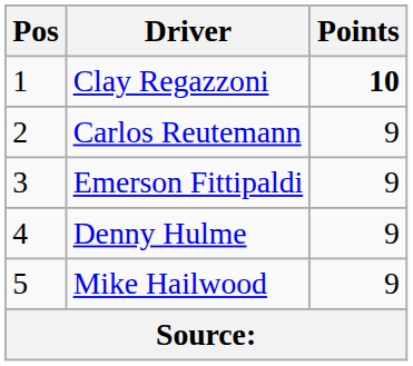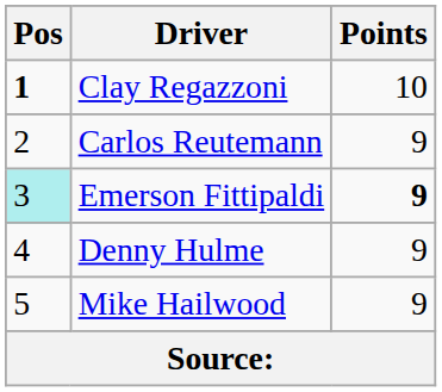 <table class="wikitable" style="font-size: 95%;">
 <tr>
 <th>Pos</th>
 <th>Driver</th>
 <th>Points</th>
 </tr>
 <tr>
-<td>1</td>
+<td><strong>1</strong></td>
 <td> <a href='#'>Clay Regazzoni</a></td>
-<td align="right"><strong>10</strong></td>
+<td align="right">10</td>
 </tr>
 <tr>
 <td>2</td>
 <td> <a href='#'>Carlos Reutemann</a></td>
 <td align="right">9</td>
 </tr>
 <tr>
-<td>3</td>
+<td style="background: paleturquoise;">3</td>
 <td> <a href='#'>Emerson Fittipaldi</a></td>
-<td align="right">9</td>
+<td align="right"><strong>9</strong></td>
 </tr>
 <tr>
 <td>4</td>
 <td> <a href='#'>Denny Hulme</a></td>
 <td align="right">9</td>
 </tr>
 <tr>
 <td>5</td>
 <td> <a href='#'>Mike Hailwood</a></td>
 <td align="right">9</td>
 </tr>
 <tr>
 <th colspan=4>Source:</th>
 </tr>
 </table>
